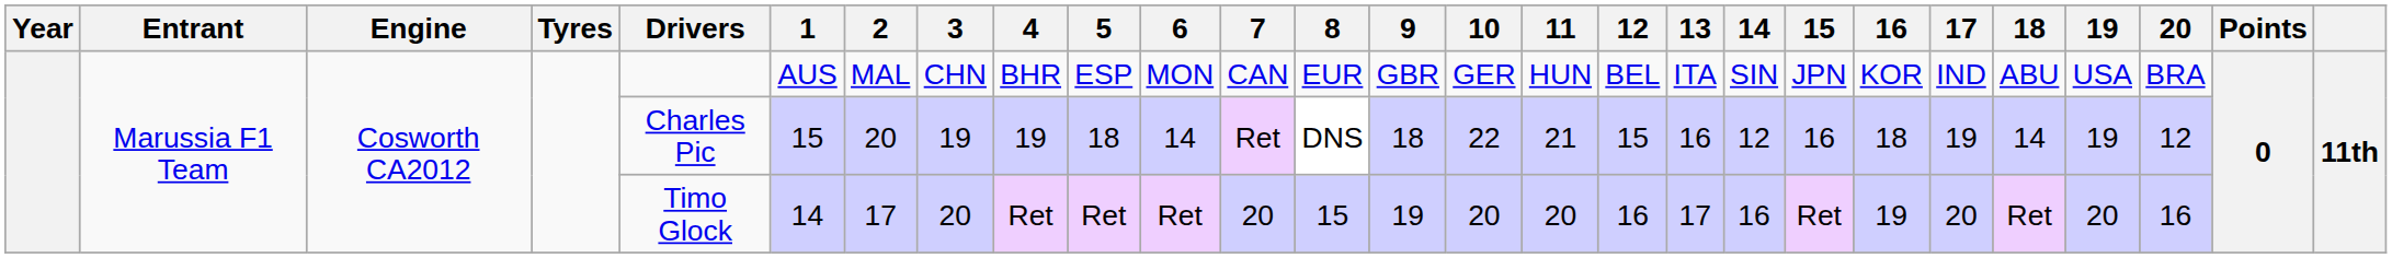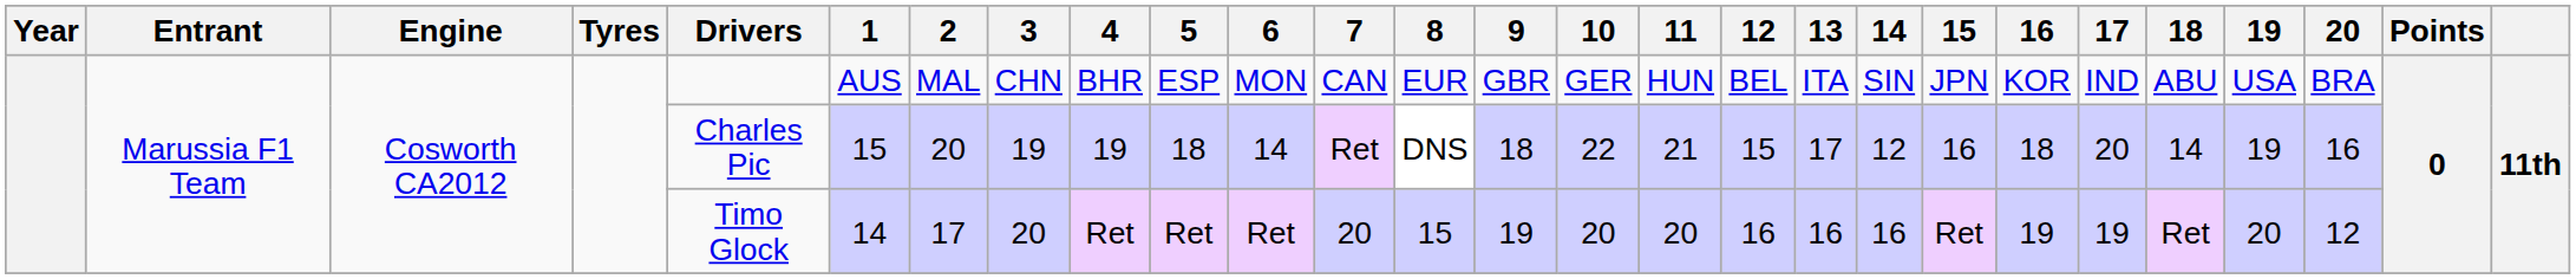 <table class="wikitable" style="text-align:center; font-size:95%">
 <tr>
 <th>Year</th>
 <th>Entrant</th>
 <th>Engine</th>
 <th>Tyres</th>
 <th>Drivers</th>
 <th>1</th>
 <th>2</th>
 <th>3</th>
 <th>4</th>
 <th>5</th>
 <th>6</th>
 <th>7</th>
 <th>8</th>
 <th>9</th>
 <th>10</th>
 <th>11</th>
 <th>12</th>
 <th>13</th>
 <th>14</th>
 <th>15</th>
 <th>16</th>
 <th>17</th>
 <th>18</th>
 <th>19</th>
 <th>20</th>
 <th>Points</th>
 <th></th>
 </tr>
 <tr>
 <th rowspan=3></th>
 <td rowspan=3><a href='#'>Marussia F1 Team</a></td>
 <td rowspan=3><a href='#'>Cosworth CA2012</a></td>
 <td rowspan=3></td>
 <td></td>
 <td><a href='#'>AUS</a></td>
 <td><a href='#'>MAL</a></td>
 <td><a href='#'>CHN</a></td>
 <td><a href='#'>BHR</a></td>
 <td><a href='#'>ESP</a></td>
 <td><a href='#'>MON</a></td>
 <td><a href='#'>CAN</a></td>
 <td><a href='#'>EUR</a></td>
 <td><a href='#'>GBR</a></td>
 <td><a href='#'>GER</a></td>
 <td><a href='#'>HUN</a></td>
 <td><a href='#'>BEL</a></td>
 <td><a href='#'>ITA</a></td>
 <td><a href='#'>SIN</a></td>
 <td><a href='#'>JPN</a></td>
 <td><a href='#'>KOR</a></td>
 <td><a href='#'>IND</a></td>
 <td><a href='#'>ABU</a></td>
 <td><a href='#'>USA</a></td>
 <td><a href='#'>BRA</a></td>
 <th rowspan="3">0</th>
 <th rowspan="3">11th</th>
 </tr>
 <tr>
 <td><a href='#'>Charles Pic</a></td>
 <td style="background:#cfcfff;">15</td>
 <td style="background:#cfcfff;">20</td>
 <td style="background:#cfcfff;">19</td>
 <td style="background:#cfcfff;">19</td>
 <td style="background:#cfcfff;">18</td>
 <td style="background:#cfcfff;">14</td>
 <td style="background:#efcfff;">Ret</td>
 <td style="background:#ffffff;">DNS</td>
 <td style="background:#cfcfff;">18</td>
 <td style="background:#cfcfff;">22</td>
 <td style="background:#cfcfff;">21</td>
 <td style="background:#cfcfff;">15</td>
-<td style="background:#cfcfff;">16</td>
+<td style="background:#cfcfff;">17</td>
 <td style="background:#cfcfff;">12</td>
 <td style="background:#cfcfff;">16</td>
 <td style="background:#cfcfff;">18</td>
-<td style="background:#cfcfff;">19</td>
+<td style="background:#cfcfff;">20</td>
 <td style="background:#cfcfff;">14</td>
 <td style="background:#cfcfff;">19</td>
-<td style="background:#cfcfff;">12</td>
+<td style="background:#cfcfff;">16</td>
 </tr>
 <tr>
 <td><a href='#'>Timo Glock</a></td>
 <td style="background:#cfcfff;">14</td>
 <td style="background:#cfcfff;">17</td>
 <td style="background:#cfcfff;">20</td>
 <td style="background:#efcfff;">Ret</td>
 <td style="background:#efcfff;">Ret</td>
 <td style="background:#efcfff;">Ret</td>
 <td style="background:#cfcfff;">20</td>
 <td style="background:#cfcfff;">15</td>
 <td style="background:#cfcfff;">19</td>
 <td style="background:#cfcfff;">20</td>
 <td style="background:#cfcfff;">20</td>
 <td style="background:#cfcfff;">16</td>
-<td style="background:#cfcfff;">17</td>
+<td style="background:#cfcfff;">16</td>
 <td style="background:#cfcfff;">16</td>
 <td style="background:#efcfff;">Ret</td>
 <td style="background:#cfcfff;">19</td>
-<td style="background:#cfcfff;">20</td>
+<td style="background:#cfcfff;">19</td>
 <td style="background:#efcfff;">Ret</td>
 <td style="background:#cfcfff;">20</td>
-<td style="background:#cfcfff;">16</td>
+<td style="background:#cfcfff;">12</td>
 </tr>
 </table>
